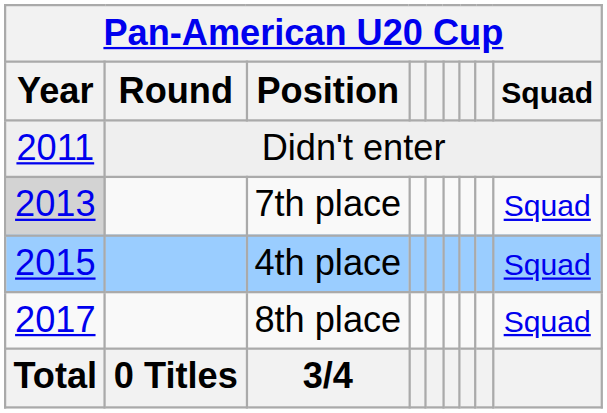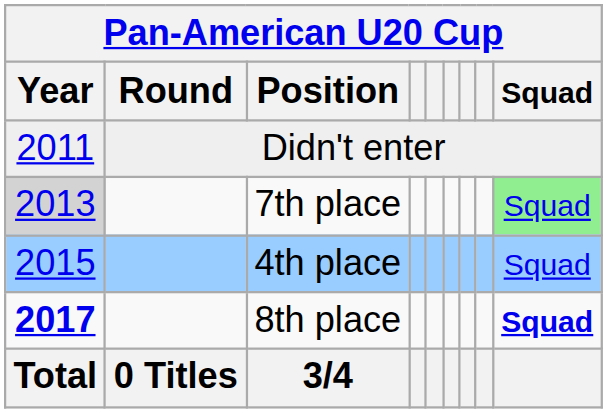 <table class="wikitable" style="text-align: center;">
 <tr>
 <th colspan=9><a href='#'>Pan-American U20 Cup</a></th>
 </tr>
 <tr>
 <th>Year</th>
 <th>Round</th>
 <th>Position</th>
 <th></th>
 <th></th>
 <th></th>
 <th></th>
 <th></th>
 <th><small>Squad</small></th>
 </tr>
 <tr bgcolor="efefef">
 <td> <a href='#'>2011</a></td>
 <td colspan=9>Didn't enter</td>
 </tr>
 <tr>
 <td style="background: lightgrey;"> <a href='#'>2013</a></td>
 <td></td>
 <td>7th place</td>
 <td></td>
 <td></td>
 <td></td>
 <td></td>
 <td></td>
-<td><small><a href='#'>Squad</a></small></td>
+<td style="background: lightgreen;"><small><a href='#'>Squad</a></small></td>
 </tr>
 <tr bgcolor=9acdff>
 <td> <a href='#'>2015</a></td>
 <td></td>
 <td>4th place</td>
 <td></td>
 <td></td>
 <td></td>
 <td></td>
 <td></td>
 <td><small><a href='#'>Squad</a></small></td>
 </tr>
 <tr>
-<td> <a href='#'>2017</a></td>
+<td><strong> <a href='#'>2017</a></strong></td>
 <td></td>
 <td>8th place</td>
 <td></td>
 <td></td>
 <td></td>
 <td></td>
 <td></td>
-<td><small><a href='#'>Squad</a></small></td>
+<td><strong><small><a href='#'>Squad</a></small></strong></td>
 </tr>
 <tr>
 <th>Total</th>
 <th>0 Titles</th>
 <th>3/4</th>
 <th></th>
 <th></th>
 <th></th>
 <th></th>
 <th></th>
 <th></th>
 </tr>
 </table>
